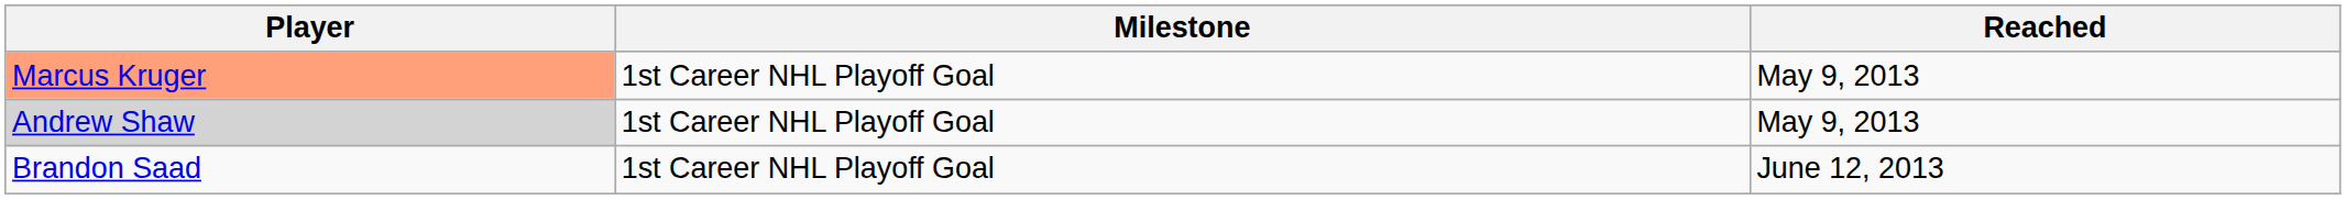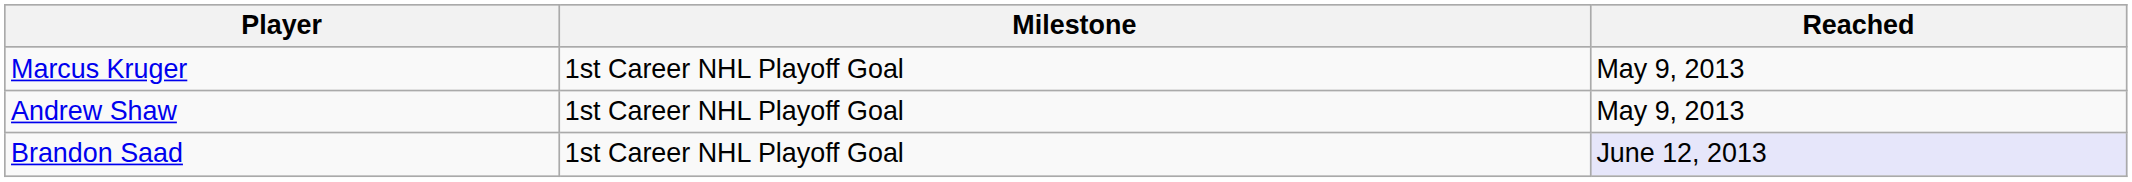 <table class="wikitable" style="width:100%;">
 <tr>
 <th>Player</th>
 <th>Milestone</th>
 <th>Reached</th>
 </tr>
 <tr>
-<td style="background: lightsalmon;"><a href='#'>Marcus Kruger</a></td>
+<td><a href='#'>Marcus Kruger</a></td>
 <td>1st Career NHL Playoff Goal</td>
 <td>May 9, 2013</td>
 </tr>
 <tr>
-<td style="background: lightgrey;"><a href='#'>Andrew Shaw</a></td>
+<td><a href='#'>Andrew Shaw</a></td>
 <td>1st Career NHL Playoff Goal</td>
 <td>May 9, 2013</td>
 </tr>
 <tr>
 <td><a href='#'>Brandon Saad</a></td>
 <td>1st Career NHL Playoff Goal</td>
-<td>June 12, 2013</td>
+<td style="background: lavender;">June 12, 2013</td>
 </tr>
 </table>
